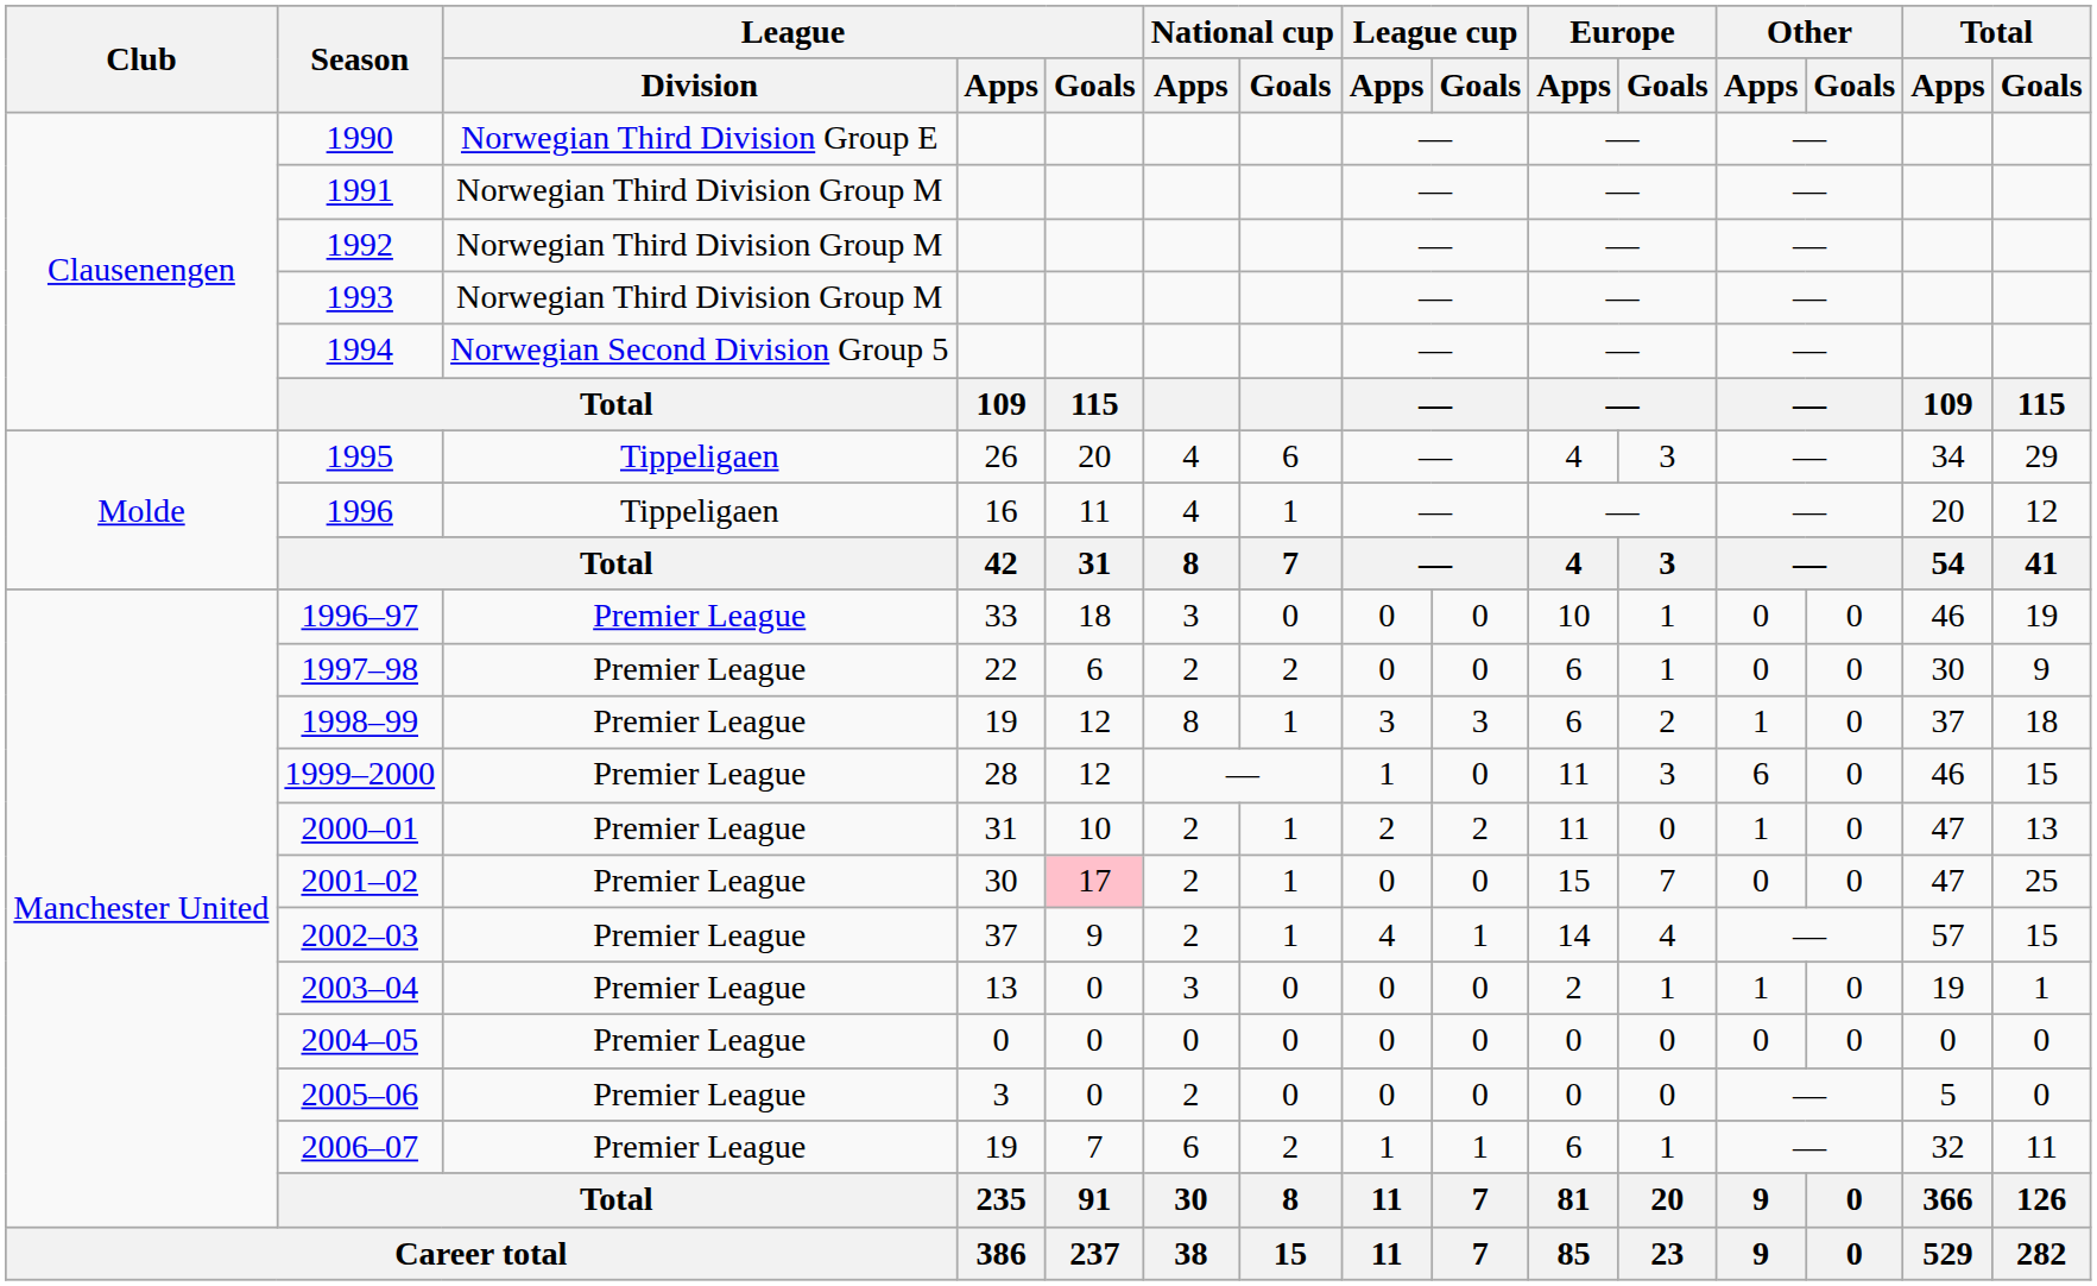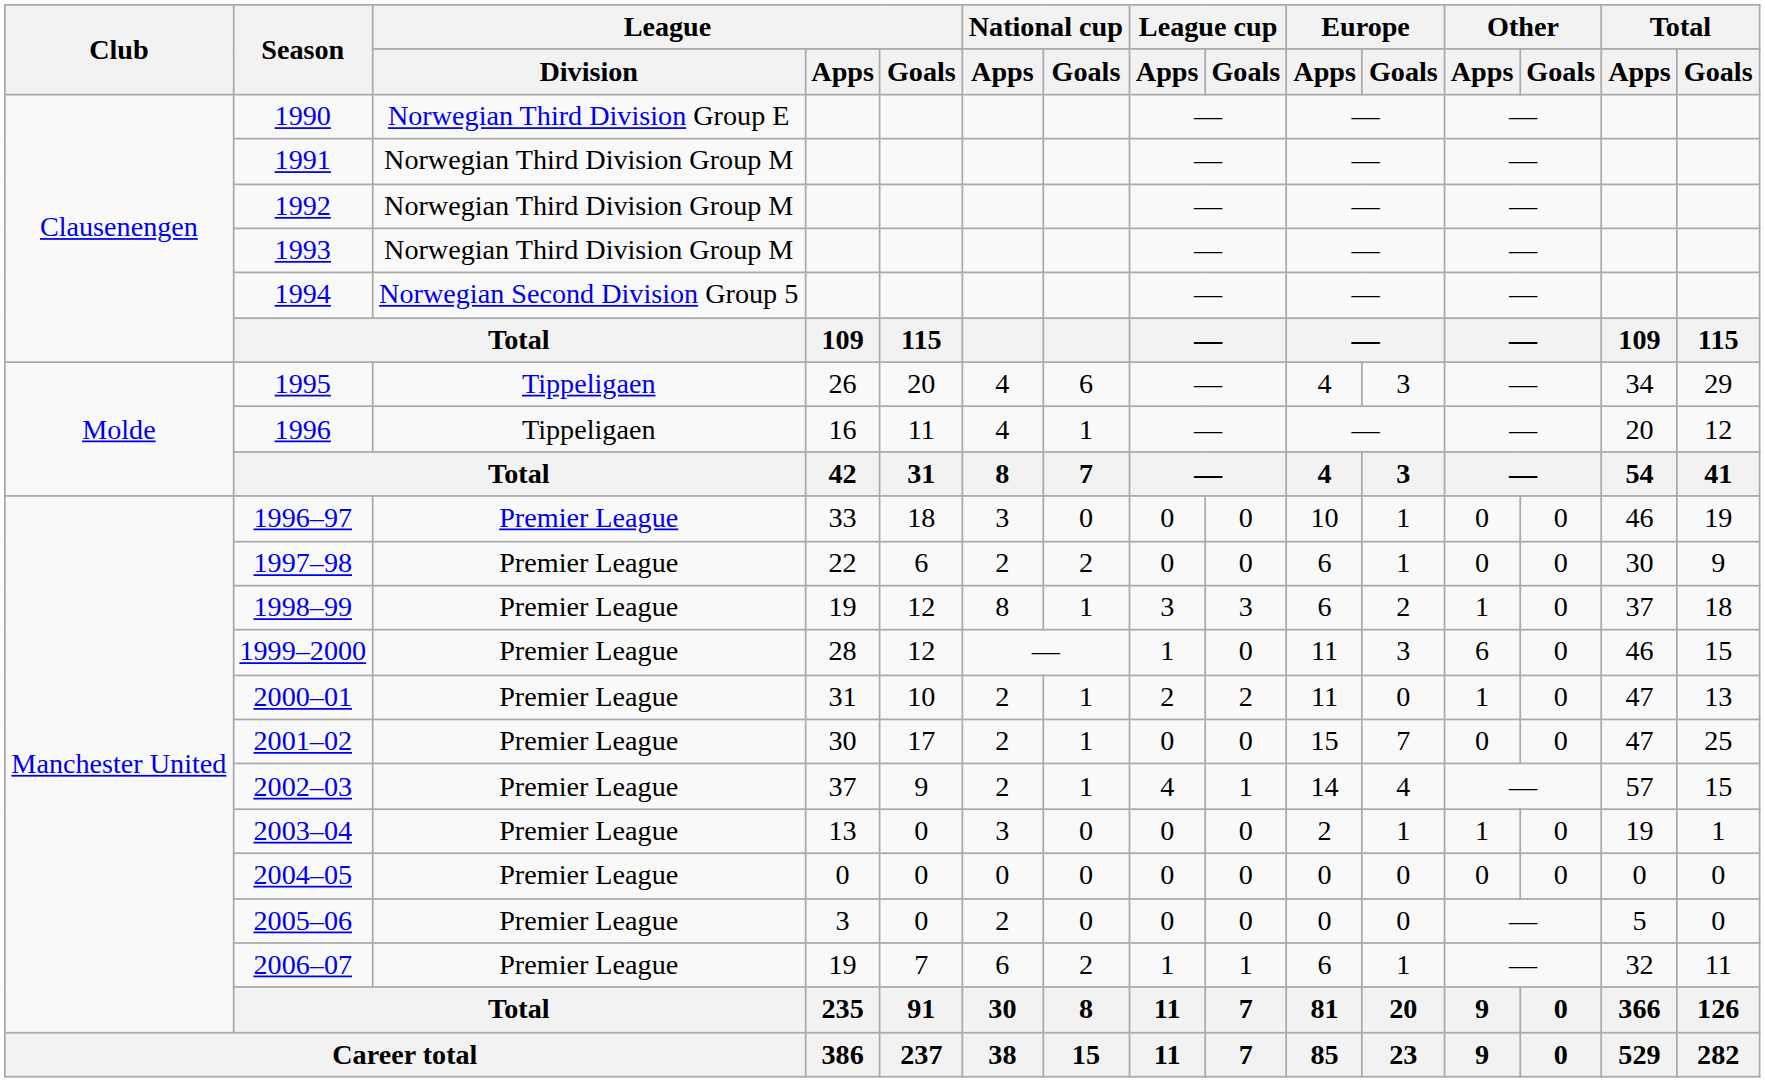 <table class="wikitable" style="text-align: center;">
 <tr>
 <th rowspan="2">Club</th>
 <th rowspan="2">Season</th>
 <th colspan="3">League</th>
 <th colspan="2">National cup</th>
 <th colspan="2">League cup</th>
 <th colspan="2">Europe</th>
 <th colspan="2">Other</th>
 <th colspan="2">Total</th>
 </tr>
 <tr>
 <th>Division</th>
 <th>Apps</th>
 <th>Goals</th>
 <th>Apps</th>
 <th>Goals</th>
 <th>Apps</th>
 <th>Goals</th>
 <th>Apps</th>
 <th>Goals</th>
 <th>Apps</th>
 <th>Goals</th>
 <th>Apps</th>
 <th>Goals</th>
 </tr>
 <tr>
 <td rowspan="6"><a href='#'>Clausenengen</a></td>
 <td><a href='#'>1990</a></td>
 <td><a href='#'>Norwegian Third Division</a> Group E</td>
 <td></td>
 <td></td>
 <td></td>
 <td></td>
 <td colspan="2">—</td>
 <td colspan="2">—</td>
 <td colspan="2">—</td>
 <td></td>
 <td></td>
 </tr>
 <tr>
 <td><a href='#'>1991</a></td>
 <td>Norwegian Third Division Group M</td>
 <td></td>
 <td></td>
 <td></td>
 <td></td>
 <td colspan="2">—</td>
 <td colspan="2">—</td>
 <td colspan="2">—</td>
 <td></td>
 <td></td>
 </tr>
 <tr>
 <td><a href='#'>1992</a></td>
 <td>Norwegian Third Division Group M</td>
 <td></td>
 <td></td>
 <td></td>
 <td></td>
 <td colspan="2">—</td>
 <td colspan="2">—</td>
 <td colspan="2">—</td>
 <td></td>
 <td></td>
 </tr>
 <tr>
 <td><a href='#'>1993</a></td>
 <td>Norwegian Third Division Group M</td>
 <td></td>
 <td></td>
 <td></td>
 <td></td>
 <td colspan="2">—</td>
 <td colspan="2">—</td>
 <td colspan="2">—</td>
 <td></td>
 <td></td>
 </tr>
 <tr>
 <td><a href='#'>1994</a></td>
 <td><a href='#'>Norwegian Second Division</a> Group 5</td>
 <td></td>
 <td></td>
 <td></td>
 <td></td>
 <td colspan="2">—</td>
 <td colspan="2">—</td>
 <td colspan="2">—</td>
 <td></td>
 <td></td>
 </tr>
 <tr>
 <th colspan="2">Total</th>
 <th>109</th>
 <th>115</th>
 <th></th>
 <th></th>
 <th colspan="2">—</th>
 <th colspan="2">—</th>
 <th colspan="2">—</th>
 <th>109</th>
 <th>115</th>
 </tr>
 <tr>
 <td rowspan="3"><a href='#'>Molde</a></td>
 <td><a href='#'>1995</a></td>
 <td><a href='#'>Tippeligaen</a></td>
 <td>26</td>
 <td>20</td>
 <td>4</td>
 <td>6</td>
 <td colspan="2">—</td>
 <td>4</td>
 <td>3</td>
 <td colspan="2">—</td>
 <td>34</td>
 <td>29</td>
 </tr>
 <tr>
 <td><a href='#'>1996</a></td>
 <td>Tippeligaen</td>
 <td>16</td>
 <td>11</td>
 <td>4</td>
 <td>1</td>
 <td colspan="2">—</td>
 <td colspan="2">—</td>
 <td colspan="2">—</td>
 <td>20</td>
 <td>12</td>
 </tr>
 <tr>
 <th colspan="2">Total</th>
 <th>42</th>
 <th>31</th>
 <th>8</th>
 <th>7</th>
 <th colspan="2">—</th>
 <th>4</th>
 <th>3</th>
 <th colspan="2">—</th>
 <th>54</th>
 <th>41</th>
 </tr>
 <tr>
 <td rowspan="12"><a href='#'>Manchester United</a></td>
 <td><a href='#'>1996–97</a></td>
 <td><a href='#'>Premier League</a></td>
 <td>33</td>
 <td>18</td>
 <td>3</td>
 <td>0</td>
 <td>0</td>
 <td>0</td>
 <td>10</td>
 <td>1</td>
 <td>0</td>
 <td>0</td>
 <td>46</td>
 <td>19</td>
 </tr>
 <tr>
 <td><a href='#'>1997–98</a></td>
 <td>Premier League</td>
 <td>22</td>
 <td>6</td>
 <td>2</td>
 <td>2</td>
 <td>0</td>
 <td>0</td>
 <td>6</td>
 <td>1</td>
 <td>0</td>
 <td>0</td>
 <td>30</td>
 <td>9</td>
 </tr>
 <tr>
 <td><a href='#'>1998–99</a></td>
 <td>Premier League</td>
 <td>19</td>
 <td>12</td>
 <td>8</td>
 <td>1</td>
 <td>3</td>
 <td>3</td>
 <td>6</td>
 <td>2</td>
 <td>1</td>
 <td>0</td>
 <td>37</td>
 <td>18</td>
 </tr>
 <tr>
 <td><a href='#'>1999–2000</a></td>
 <td>Premier League</td>
 <td>28</td>
 <td>12</td>
 <td colspan="2">—</td>
 <td>1</td>
 <td>0</td>
 <td>11</td>
 <td>3</td>
 <td>6</td>
 <td>0</td>
 <td>46</td>
 <td>15</td>
 </tr>
 <tr>
 <td><a href='#'>2000–01</a></td>
 <td>Premier League</td>
 <td>31</td>
 <td>10</td>
 <td>2</td>
 <td>1</td>
 <td>2</td>
 <td>2</td>
 <td>11</td>
 <td>0</td>
 <td>1</td>
 <td>0</td>
 <td>47</td>
 <td>13</td>
 </tr>
 <tr>
 <td><a href='#'>2001–02</a></td>
 <td>Premier League</td>
 <td>30</td>
-<td style="background: pink;">17</td>
+<td>17</td>
 <td>2</td>
 <td>1</td>
 <td>0</td>
 <td>0</td>
 <td>15</td>
 <td>7</td>
 <td>0</td>
 <td>0</td>
 <td>47</td>
 <td>25</td>
 </tr>
 <tr>
 <td><a href='#'>2002–03</a></td>
 <td>Premier League</td>
 <td>37</td>
 <td>9</td>
 <td>2</td>
 <td>1</td>
 <td>4</td>
 <td>1</td>
 <td>14</td>
 <td>4</td>
 <td colspan="2">—</td>
 <td>57</td>
 <td>15</td>
 </tr>
 <tr>
 <td><a href='#'>2003–04</a></td>
 <td>Premier League</td>
 <td>13</td>
 <td>0</td>
 <td>3</td>
 <td>0</td>
 <td>0</td>
 <td>0</td>
 <td>2</td>
 <td>1</td>
 <td>1</td>
 <td>0</td>
 <td>19</td>
 <td>1</td>
 </tr>
 <tr>
 <td><a href='#'>2004–05</a></td>
 <td>Premier League</td>
 <td>0</td>
 <td>0</td>
 <td>0</td>
 <td>0</td>
 <td>0</td>
 <td>0</td>
 <td>0</td>
 <td>0</td>
 <td>0</td>
 <td>0</td>
 <td>0</td>
 <td>0</td>
 </tr>
 <tr>
 <td><a href='#'>2005–06</a></td>
 <td>Premier League</td>
 <td>3</td>
 <td>0</td>
 <td>2</td>
 <td>0</td>
 <td>0</td>
 <td>0</td>
 <td>0</td>
 <td>0</td>
 <td colspan="2">—</td>
 <td>5</td>
 <td>0</td>
 </tr>
 <tr>
 <td><a href='#'>2006–07</a></td>
 <td>Premier League</td>
 <td>19</td>
 <td>7</td>
 <td>6</td>
 <td>2</td>
 <td>1</td>
 <td>1</td>
 <td>6</td>
 <td>1</td>
 <td colspan="2">—</td>
 <td>32</td>
 <td>11</td>
 </tr>
 <tr>
 <th colspan="2">Total</th>
 <th>235</th>
 <th>91</th>
 <th>30</th>
 <th>8</th>
 <th>11</th>
 <th>7</th>
 <th>81</th>
 <th>20</th>
 <th>9</th>
 <th>0</th>
 <th>366</th>
 <th>126</th>
 </tr>
 <tr>
 <th colspan="3">Career total</th>
 <th>386</th>
 <th>237</th>
 <th>38</th>
 <th>15</th>
 <th>11</th>
 <th>7</th>
 <th>85</th>
 <th>23</th>
 <th>9</th>
 <th>0</th>
 <th>529</th>
 <th>282</th>
 </tr>
 </table>
